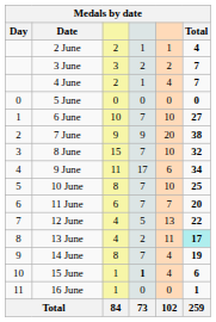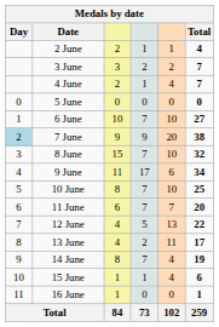 <table class="wikitable sortable" style="font-size:90%; text-align:center;">
 <tr style="background:#efefef;">
 <th colspan=6>Medals by date</th>
 </tr>
 <tr>
 <th width=30>Day</th>
 <th width=90>Date</th>
 <th width=30 style="background:#F7F6A8;"></th>
 <th width=30 style="background:#DCE5E5;"></th>
 <th width=30 style="background:#FFDAB9;"></th>
 <th width=30>Total</th>
 </tr>
 <tr>
 <td></td>
 <td>2 June</td>
 <td style="background:#F7F6A8;">2</td>
 <td style="background:#DCE5E5;">1</td>
 <td style="background:#FFDAB9;">1</td>
 <td><strong>4</strong></td>
 </tr>
 <tr>
 <td></td>
 <td>3 June</td>
 <td style="background:#F7F6A8;">3</td>
 <td style="background:#DCE5E5;">2</td>
 <td style="background:#FFDAB9;">2</td>
 <td><strong>7</strong></td>
 </tr>
 <tr>
 <td></td>
 <td>4 June</td>
 <td style="background:#F7F6A8;">2</td>
 <td style="background:#DCE5E5;">1</td>
 <td style="background:#FFDAB9;">4</td>
 <td><strong>7</strong></td>
 </tr>
 <tr>
 <td>0</td>
 <td>5 June</td>
 <td style="background:#F7F6A8;">0</td>
 <td style="background:#DCE5E5;">0</td>
 <td style="background:#FFDAB9;">0</td>
 <td><strong>0</strong></td>
 </tr>
 <tr>
 <td>1</td>
 <td>6 June</td>
 <td style="background:#F7F6A8;">10</td>
 <td style="background:#DCE5E5;">7</td>
 <td style="background:#FFDAB9;">10</td>
 <td><strong>27</strong></td>
 </tr>
 <tr>
-<td>2</td>
+<td style="background: lightblue;">2</td>
 <td>7 June</td>
 <td style="background:#F7F6A8;">9</td>
 <td style="background:#DCE5E5;">9</td>
 <td style="background:#FFDAB9;">20</td>
 <td><strong>38</strong></td>
 </tr>
 <tr>
 <td>3</td>
 <td>8 June</td>
 <td style="background:#F7F6A8;">15</td>
 <td style="background:#DCE5E5;">7</td>
 <td style="background:#FFDAB9;">10</td>
 <td><strong>32</strong></td>
 </tr>
 <tr>
 <td>4</td>
 <td>9 June</td>
 <td style="background:#F7F6A8;">11</td>
 <td style="background:#DCE5E5;">17</td>
 <td style="background:#FFDAB9;">6</td>
 <td><strong>34</strong></td>
 </tr>
 <tr>
 <td>5</td>
 <td>10 June</td>
 <td style="background:#F7F6A8;">8</td>
 <td style="background:#DCE5E5;">7</td>
 <td style="background:#FFDAB9;">10</td>
 <td><strong>25</strong></td>
 </tr>
 <tr>
 <td>6</td>
 <td>11 June</td>
 <td style="background:#F7F6A8;">6</td>
 <td style="background:#DCE5E5;">7</td>
 <td style="background:#FFDAB9;">7</td>
 <td><strong>20</strong></td>
 </tr>
 <tr>
 <td>7</td>
 <td>12 June</td>
 <td style="background:#F7F6A8;">4</td>
 <td style="background:#DCE5E5;">5</td>
 <td style="background:#FFDAB9;">13</td>
 <td><strong>22</strong></td>
 </tr>
 <tr>
 <td>8</td>
 <td>13 June</td>
 <td style="background:#F7F6A8;">4</td>
 <td style="background:#DCE5E5;">2</td>
 <td style="background:#FFDAB9;">11</td>
-<td style="background: paleturquoise;"><strong>17</strong></td>
+<td><strong>17</strong></td>
 </tr>
 <tr>
 <td>9</td>
 <td>14 June</td>
 <td style="background:#F7F6A8;">8</td>
 <td style="background:#DCE5E5;">7</td>
 <td style="background:#FFDAB9;">4</td>
 <td><strong>19</strong></td>
 </tr>
 <tr>
 <td>10</td>
 <td>15 June</td>
 <td style="background:#F7F6A8;">1</td>
-<td style="background:#DCE5E5;"><strong>1</strong></td>
+<td style="background:#DCE5E5;">1</td>
 <td style="background:#FFDAB9;">4</td>
 <td><strong>6</strong></td>
 </tr>
 <tr>
 <td>11</td>
 <td>16 June</td>
 <td style="background:#F7F6A8;">1</td>
 <td style="background:#DCE5E5;">0</td>
 <td style="background:#FFDAB9;">0</td>
 <td><strong>1</strong></td>
 </tr>
 <tr class="sortbottom">
 <th colspan="2">Total</th>
 <th>84</th>
 <th>73</th>
 <th>102</th>
 <th>259</th>
 </tr>
 </table>
